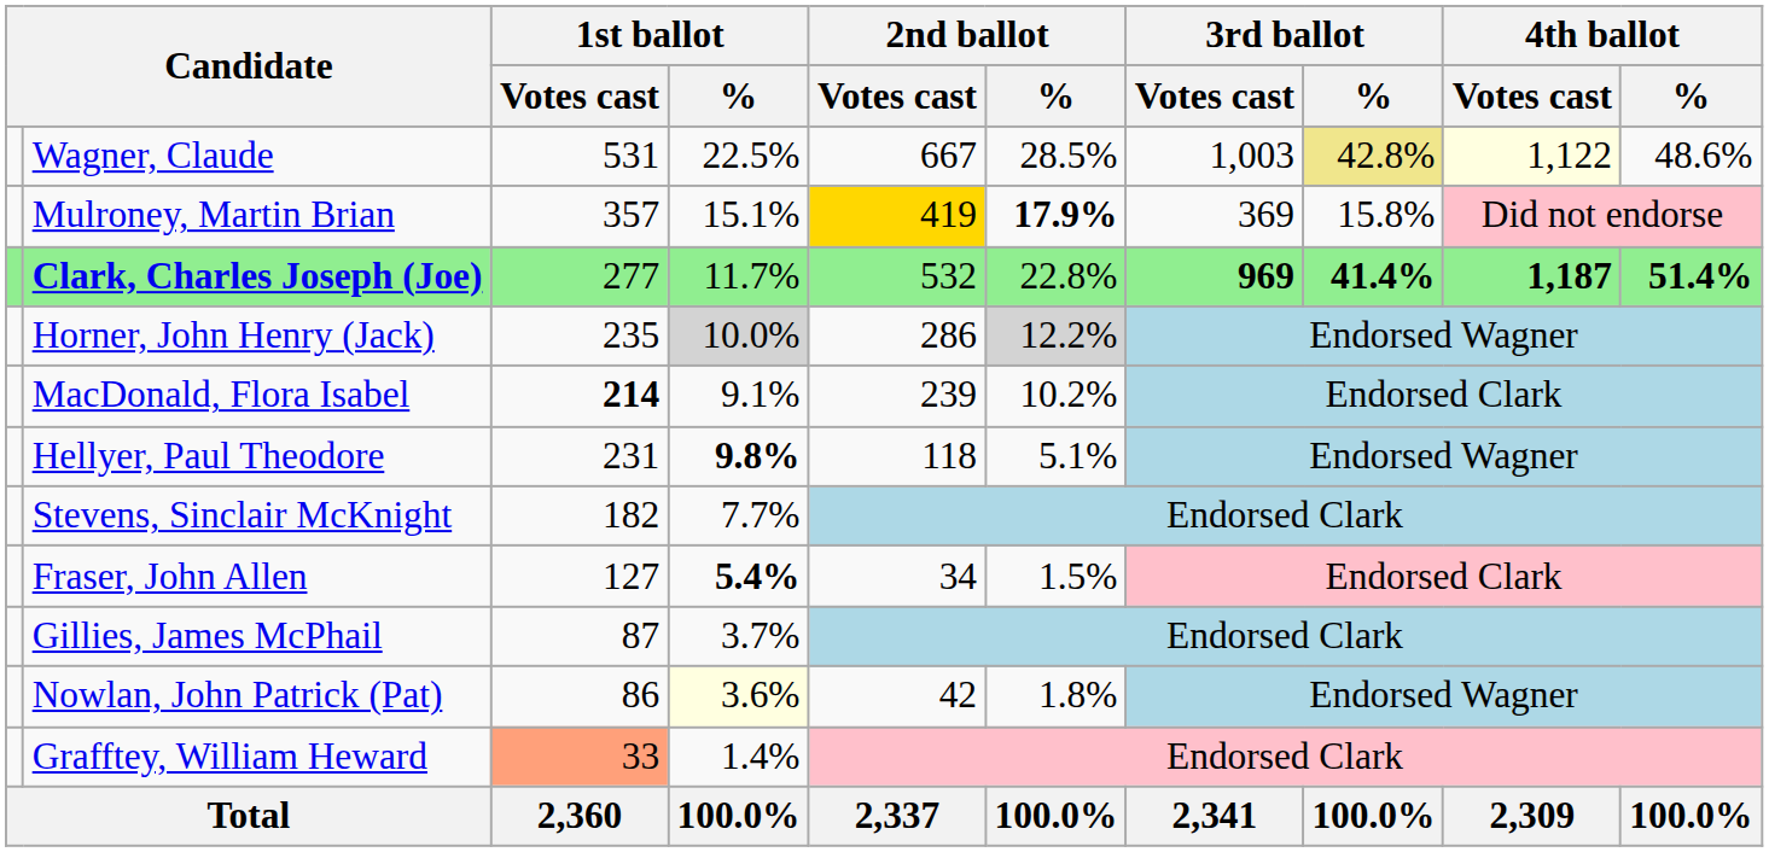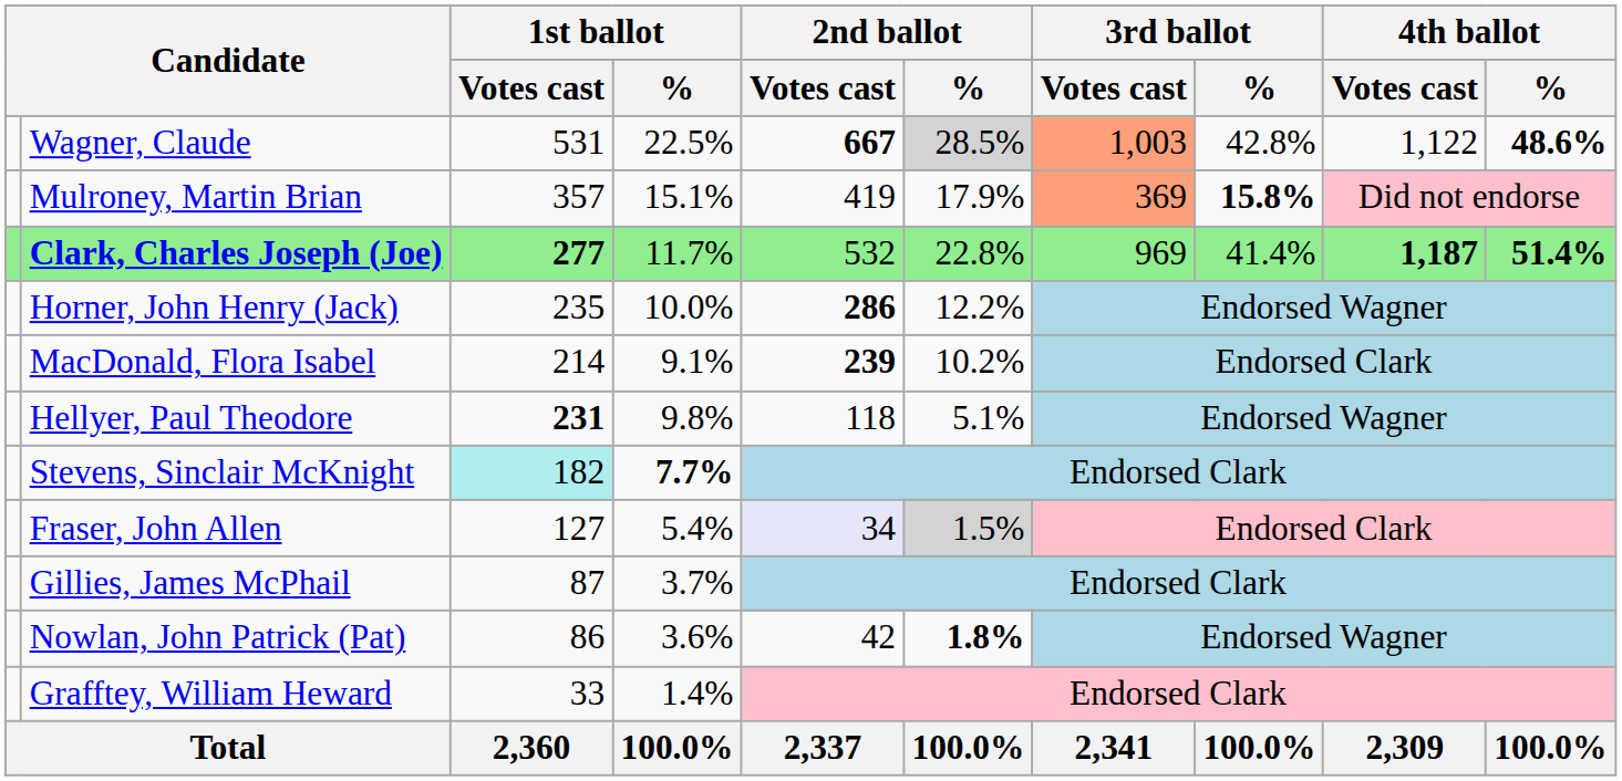 <table class="wikitable">
 <tr>
 <th colspan="2" rowspan="2">Candidate</th>
 <th colspan="2">1st ballot</th>
 <th colspan="2">2nd ballot</th>
 <th colspan="2">3rd ballot</th>
 <th colspan="2">4th ballot</th>
 </tr>
 <tr>
 <th>Votes cast</th>
 <th>%</th>
 <th>Votes cast</th>
 <th>%</th>
 <th>Votes cast</th>
 <th>%</th>
 <th>Votes cast</th>
 <th>%</th>
 </tr>
 <tr>
 <td></td>
 <td><a href='#'>Wagner, Claude</a></td>
 <td align="right">531</td>
 <td align="right">22.5%</td>
-<td align="right">667</td>
-<td align="right">28.5%</td>
-<td align="right">1,003</td>
-<td align="right" style="background: khaki;">42.8%</td>
-<td align="right" style="background: lightyellow;">1,122</td>
-<td align="right">48.6%</td>
+<td align="right"><strong>667</strong></td>
+<td align="right" style="background: lightgrey;">28.5%</td>
+<td align="right" style="background: lightsalmon;">1,003</td>
+<td align="right">42.8%</td>
+<td align="right">1,122</td>
+<td align="right"><strong>48.6%</strong></td>
 </tr>
 <tr>
 <td></td>
 <td><a href='#'>Mulroney, Martin Brian</a></td>
 <td align="right">357</td>
 <td align="right">15.1%</td>
-<td align="right" style="background: gold;">419</td>
-<td align="right"><strong>17.9%</strong></td>
-<td align="right">369</td>
-<td align="right">15.8%</td>
+<td align="right">419</td>
+<td align="right">17.9%</td>
+<td align="right" style="background: lightsalmon;">369</td>
+<td align="right"><strong>15.8%</strong></td>
 <td style="text-align:center; background:pink;" colspan="2">Did not endorse</td>
 </tr>
 <tr style="background:lightgreen;">
 <td></td>
 <td><strong><a href='#'>Clark, Charles Joseph (Joe)</a></strong></td>
-<td align="right">277</td>
+<td align="right"><strong>277</strong></td>
 <td align="right">11.7%</td>
 <td align="right">532</td>
 <td align="right">22.8%</td>
-<td align="right"><strong>969</strong></td>
-<td align="right"><strong>41.4%</strong></td>
+<td align="right">969</td>
+<td align="right">41.4%</td>
 <td align="right"><strong>1,187</strong></td>
 <td align="right"><strong>51.4%</strong></td>
 </tr>
 <tr>
 <td></td>
 <td><a href='#'>Horner, John Henry (Jack)</a></td>
 <td align="right">235</td>
-<td align="right" style="background: lightgrey;">10.0%</td>
-<td align="right">286</td>
-<td align="right" style="background: lightgrey;">12.2%</td>
+<td align="right">10.0%</td>
+<td align="right"><strong>286</strong></td>
+<td align="right">12.2%</td>
 <td style="text-align:center; background:lightblue;" colspan="4">Endorsed Wagner</td>
 </tr>
 <tr>
 <td></td>
 <td><a href='#'>MacDonald, Flora Isabel</a></td>
-<td align="right"><strong>214</strong></td>
+<td align="right">214</td>
 <td align="right">9.1%</td>
-<td align="right">239</td>
+<td align="right"><strong>239</strong></td>
 <td align="right">10.2%</td>
 <td style="text-align:center; background:lightblue;" colspan="4">Endorsed Clark</td>
 </tr>
 <tr>
 <td></td>
 <td><a href='#'>Hellyer, Paul Theodore</a></td>
-<td align="right">231</td>
-<td align="right"><strong>9.8%</strong></td>
+<td align="right"><strong>231</strong></td>
+<td align="right">9.8%</td>
 <td align="right">118</td>
 <td align="right">5.1%</td>
 <td style="text-align:center; background:lightblue;" colspan="4">Endorsed Wagner</td>
 </tr>
 <tr>
 <td></td>
 <td><a href='#'>Stevens, Sinclair McKnight</a></td>
-<td align="right">182</td>
-<td align="right">7.7%</td>
+<td align="right" style="background: paleturquoise;">182</td>
+<td align="right"><strong>7.7%</strong></td>
 <td style="text-align:center; background:lightblue;" colspan="6">Endorsed Clark</td>
 </tr>
 <tr>
 <td></td>
 <td><a href='#'>Fraser, John Allen</a></td>
 <td align="right">127</td>
-<td align="right"><strong>5.4%</strong></td>
-<td align="right">34</td>
-<td align="right">1.5%</td>
+<td align="right">5.4%</td>
+<td align="right" style="background: lavender;">34</td>
+<td align="right" style="background: lightgrey;">1.5%</td>
 <td style="text-align:center; background:pink;" colspan="4">Endorsed Clark</td>
 </tr>
 <tr>
 <td></td>
 <td><a href='#'>Gillies, James McPhail</a></td>
 <td align="right">87</td>
 <td align="right">3.7%</td>
 <td style="text-align:center; background:lightblue;" colspan="6">Endorsed Clark</td>
 </tr>
 <tr>
 <td></td>
 <td><a href='#'>Nowlan, John Patrick (Pat)</a></td>
 <td align="right">86</td>
-<td align="right" style="background: lightyellow;">3.6%</td>
+<td align="right">3.6%</td>
 <td align="right">42</td>
-<td align="right">1.8%</td>
+<td align="right"><strong>1.8%</strong></td>
 <td style="text-align:center; background:lightblue;" colspan="4">Endorsed Wagner</td>
 </tr>
 <tr>
 <td></td>
 <td><a href='#'>Grafftey, William Heward</a></td>
-<td align="right" style="background: lightsalmon;">33</td>
+<td align="right">33</td>
 <td align="right">1.4%</td>
 <td style="text-align:center; background:pink;" colspan="6">Endorsed Clark</td>
 </tr>
 <tr>
 <th colspan="2">Total</th>
 <th align="right">2,360</th>
 <th align="right">100.0%</th>
 <th align="right">2,337</th>
 <th align="right">100.0%</th>
 <th align="right">2,341</th>
 <th align="right">100.0%</th>
 <th align="right">2,309</th>
 <th align="right">100.0%</th>
 </tr>
 </table>
